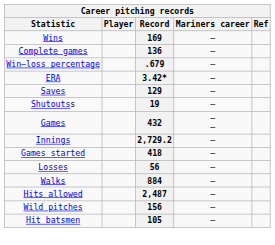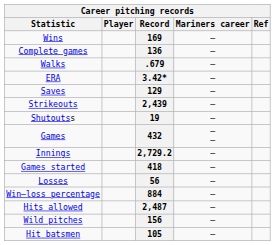 <table class="wikitable sortable" style="text-align:center">
 <tr>
 <th colspan=5>Career pitching records</th>
 </tr>
 <tr>
 <th scope="col">Statistic</th>
 <th scope="col">Player</th>
 <th scope="col" class="unsortable">Record</th>
 <th scope="col">Mariners career</th>
 <th scope="col" class="unsortable">Ref</th>
 </tr>
 <tr>
 <td><a href='#'>Wins</a></td>
 <td></td>
 <th scope="row">169</th>
 <td>–</td>
 <td></td>
 </tr>
 <tr>
 <td><a href='#'>Complete games</a></td>
 <td></td>
 <th scope="row">136</th>
 <td>–</td>
 <td></td>
 </tr>
 <tr>
-<td><a href='#'>Win–loss percentage</a></td>
+<td><a href='#'>Walks</a></td>
 <td></td>
 <th scope="row">.679</th>
 <td>–</td>
 <td></td>
 </tr>
 <tr>
 <td><a href='#'>ERA</a></td>
 <td></td>
 <th scope="row">3.42*</th>
 <td>–</td>
 <td></td>
 </tr>
 <tr>
 <td><a href='#'>Saves</a></td>
 <td></td>
 <th scope="row">129</th>
+<td>–</td>
+<td></td>
+</tr>
+<tr>
+<td><a href='#'>Strikeouts</a></td>
+<td></td>
+<th scope="row">2,439</th>
 <td>–</td>
 <td></td>
 </tr>
 <tr>
 <td><a href='#'>Shutouts</a>s</td>
 <td></td>
 <th scope="row">19</th>
 <td>–</td>
 <td></td>
 </tr>
 <tr>
 <td><a href='#'>Games</a></td>
 <td></td>
 <th scope="row">432</th>
 <td>–<br>–<br></td>
 <td></td>
 </tr>
 <tr>
 <td><a href='#'>Innings</a></td>
 <td></td>
 <th scope="row">2,729.2</th>
 <td>–</td>
 <td></td>
 </tr>
 <tr>
 <td><a href='#'>Games started</a></td>
 <td></td>
 <th scope="row">418</th>
 <td>–</td>
 <td></td>
 </tr>
 <tr>
 <td><a href='#'>Losses</a></td>
 <td></td>
 <th scope="row">56</th>
 <td>–</td>
 <td></td>
 </tr>
 <tr>
-<td><a href='#'>Walks</a></td>
+<td><a href='#'>Win–loss percentage</a></td>
 <td></td>
 <th scope="row">884</th>
 <td>–</td>
 <td></td>
 </tr>
 <tr>
 <td><a href='#'>Hits allowed</a></td>
 <td></td>
 <th scope="row">2,487</th>
 <td>–</td>
 <td></td>
 </tr>
 <tr>
 <td><a href='#'>Wild pitches</a></td>
 <td></td>
 <th scope="row">156</th>
 <td>–</td>
 <td></td>
 </tr>
 <tr>
 <td><a href='#'>Hit batsmen</a></td>
 <td></td>
 <th scope="row">105</th>
 <td>–</td>
 <td></td>
 </tr>
 </table>
